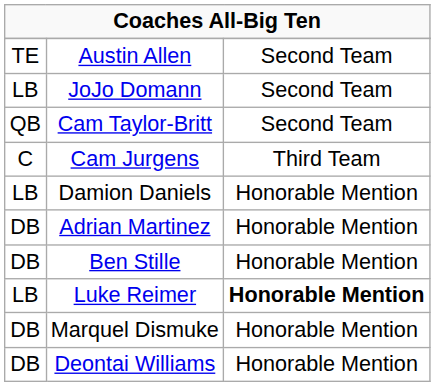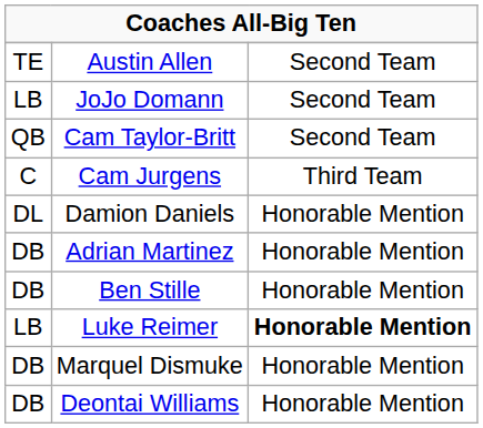 <table class="wikitable sortable" style="text-align:center">
 <tr>
 <td colspan="3"><strong>Coaches All-Big Ten</strong></td>
 </tr>
 <tr>
 </tr>
 <tr style="text-align:center;">
 <td style="background:white">TE</td>
 <td style="background:white"><a href='#'>Austin Allen</a></td>
 <td style="background:white">Second Team</td>
 </tr>
 <tr style="text-align:center;">
 <td style="background:white">LB</td>
 <td style="background:white"><a href='#'>JoJo Domann</a></td>
 <td style="background:white">Second Team</td>
 </tr>
 <tr style="text-align:center;">
 <td style="background:white">QB</td>
 <td style="background:white"><a href='#'>Cam Taylor-Britt</a></td>
 <td style="background:white">Second Team</td>
 </tr>
 <tr style="text-align:center;">
 <td style="background:white">C</td>
 <td style="background:white"><a href='#'>Cam Jurgens</a></td>
 <td style="background:white">Third Team</td>
 </tr>
 <tr style="text-align:center;">
-<td style="background:white">LB</td>
+<td style="background:white">DL</td>
 <td style="background:white">Damion Daniels</td>
 <td style="background:white">Honorable Mention</td>
 </tr>
 <tr style="text-align:center;">
 <td style="background:white">DB</td>
 <td style="background:white"><a href='#'>Adrian Martinez</a></td>
 <td style="background:white">Honorable Mention</td>
 </tr>
 <tr style="text-align:center;">
 <td style="background:white">DB</td>
 <td style="background:white"><a href='#'>Ben Stille</a></td>
 <td style="background:white">Honorable Mention</td>
 </tr>
 <tr style="text-align:center;">
 <td style="background:white">LB</td>
 <td style="background:white"><a href='#'>Luke Reimer</a></td>
 <td style="background:white"><strong>Honorable Mention</strong></td>
 </tr>
 <tr style="text-align:center;">
 <td style="background:white">DB</td>
 <td style="background:white">Marquel Dismuke</td>
 <td style="background:white">Honorable Mention</td>
 </tr>
 <tr style="text-align:center;">
 <td style="background:white">DB</td>
 <td style="background:white"><a href='#'>Deontai Williams</a></td>
 <td style="background:white">Honorable Mention</td>
 </tr>
 </table>
